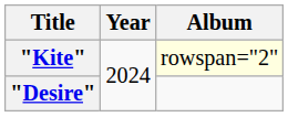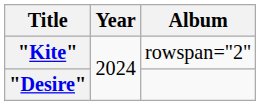 <table class="wikitable plainrowheaders" style="text-align:center;">
 <tr>
 <th scope="col">Title</th>
 <th scope="col">Year</th>
 <th scope="col">Album</th>
 </tr>
 <tr>
 <th scope="row">"<a href='#'>Kite</a>"<br></th>
 <td rowspan="2">2024</td>
-<td style="background: lightyellow;">rowspan="2" </td>
+<td>rowspan="2" </td>
 </tr>
 <tr>
 <th scope="row">"<a href='#'>Desire</a>"<br></th>
 </tr>
 </table>
